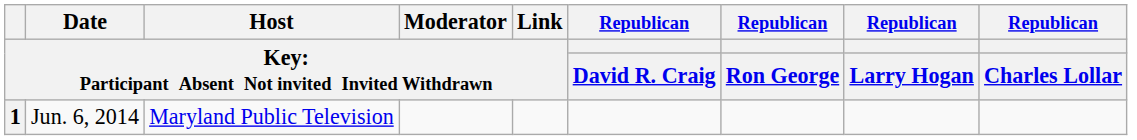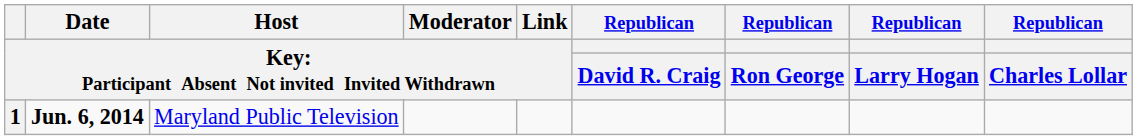 <table class="wikitable" style="text-align:center;">
 <tr>
 <th scope="col"></th>
 <th scope="col">Date</th>
 <th scope="col">Host</th>
 <th scope="col">Moderator</th>
 <th scope="col">Link</th>
 <th scope="col"><small><a href='#'>Republican</a></small></th>
 <th scope="col"><small><a href='#'>Republican</a></small></th>
 <th scope="col"><small><a href='#'>Republican</a></small></th>
 <th scope="col"><small><a href='#'>Republican</a></small></th>
 </tr>
 <tr>
 <th colspan="5" rowspan="2">Key:<br> <small>Participant </small>  <small>Absent </small>  <small>Not invited </small>  <small>Invited  Withdrawn</small></th>
 <th scope="col" style="background:"></th>
 <th scope="col" style="background:"></th>
 <th scope="col" style="background:"></th>
 <th scope="col" style="background:"></th>
 </tr>
 <tr>
 <th scope="col"><a href='#'>David R. Craig</a></th>
 <th scope="col"><a href='#'>Ron George</a></th>
 <th scope="col"><a href='#'>Larry Hogan</a></th>
 <th scope="col"><a href='#'>Charles Lollar</a></th>
 </tr>
 <tr>
 <th>1</th>
-<td style="white-space:nowrap;">Jun. 6, 2014</td>
+<td style="white-space:nowrap;"><strong>Jun. 6, 2014</strong></td>
 <td style="white-space:nowrap;"><a href='#'>Maryland Public Television</a></td>
 <td style="white-space:nowrap;"></td>
 <td style="white-space:nowrap;"></td>
 <td></td>
 <td></td>
 <td></td>
 <td></td>
 </tr>
 </table>
